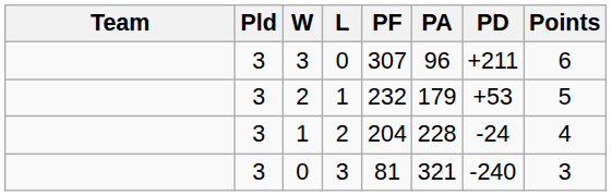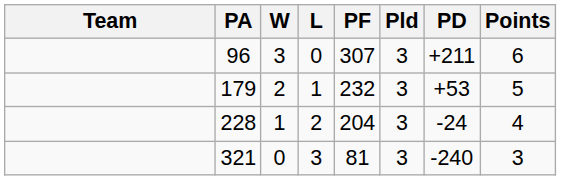 <table class="wikitable" style+"text-align:center;">
 <tr>
 <th width=150>Team</th>
-<th width=20>Pld</th>
+<th width=20>PA</th>
 <th width=20>W</th>
 <th width=20>L</th>
 <th width=20>PF</th>
-<th width=20>PA</th>
+<th width=20>Pld</th>
 <th width=20>PD</th>
 <th width=20>Points</th>
 </tr>
 <tr align=center>
 <td align="left"></td>
-<td>3</td>
+<td>96</td>
 <td>3</td>
 <td>0</td>
 <td>307</td>
-<td>96</td>
+<td>3</td>
 <td>+211</td>
 <td>6</td>
 </tr>
 <tr align=center>
 <td align="left"></td>
-<td>3</td>
+<td>179</td>
 <td>2</td>
 <td>1</td>
 <td>232</td>
-<td>179</td>
+<td>3</td>
 <td>+53</td>
 <td>5</td>
 </tr>
 <tr align=center>
 <td align="left"></td>
-<td>3</td>
+<td>228</td>
 <td>1</td>
 <td>2</td>
 <td>204</td>
-<td>228</td>
+<td>3</td>
 <td>-24</td>
 <td>4</td>
 </tr>
 <tr align=center>
 <td align="left"></td>
-<td>3</td>
+<td>321</td>
 <td>0</td>
 <td>3</td>
 <td>81</td>
-<td>321</td>
+<td>3</td>
 <td>-240</td>
 <td>3</td>
 </tr>
 </table>
